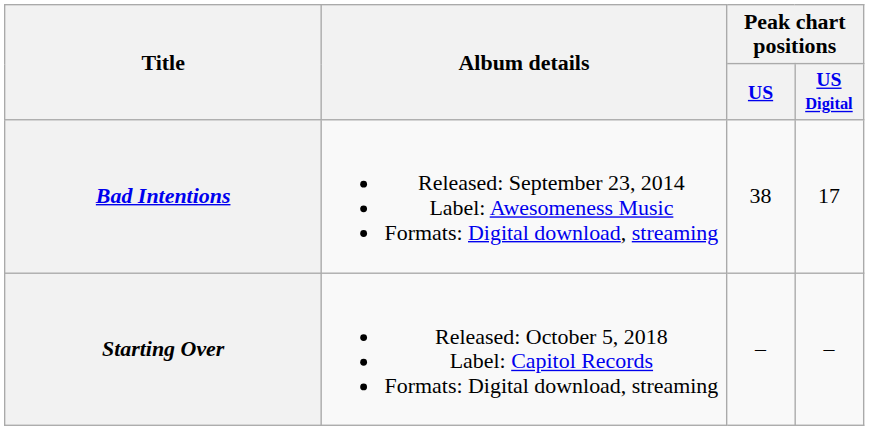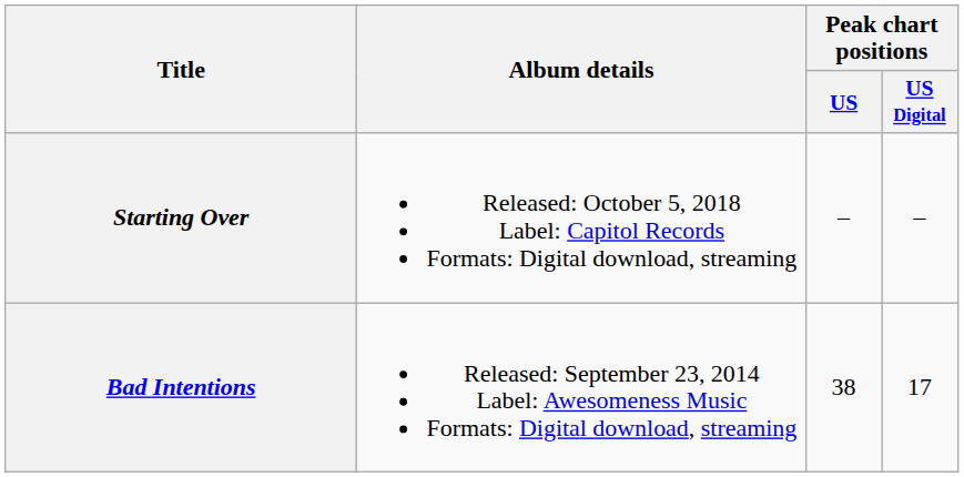 <table class="wikitable plainrowheaders" style="text-align:center;">
 <tr>
 <th scope="col" rowspan="2" style="width:14em;">Title</th>
 <th scope="col" rowspan="2" style="width:18em;">Album details</th>
 <th scope="col" colspan="2">Peak chart positions</th>
 </tr>
 <tr>
 <th scope="col" style="width:3em;font-size:90%;"><a href='#'>US</a><br></th>
 <th scope="col" style="width:3em;font-size:90%;"><a href='#'>US<br><small>Digital</small></a><br></th>
 </tr>
 <tr>
+<th scope="row"><em>Starting Over</em></th>
+<td><br><ul><li>Released: October 5, 2018</li><li>Label: <a href='#'>Capitol Records</a></li><li>Formats: Digital download, streaming</li></ul></td>
+<td>–</td>
+<td>–</td>
+</tr>
+<tr>
 <th scope="row"><em><a href='#'>Bad Intentions</a></em></th>
 <td><br><ul><li>Released: September 23, 2014</li><li>Label: <a href='#'>Awesomeness Music</a></li><li>Formats: <a href='#'>Digital download</a>, <a href='#'>streaming</a></li></ul></td>
 <td>38</td>
 <td>17</td>
 </tr>
-<tr>
-<th scope="row"><em>Starting Over</em></th>
-<td><br><ul><li>Released: October 5, 2018</li><li>Label: <a href='#'>Capitol Records</a></li><li>Formats: Digital download, streaming</li></ul></td>
-<td>–</td>
-<td>–</td>
-</tr>
 </table>
